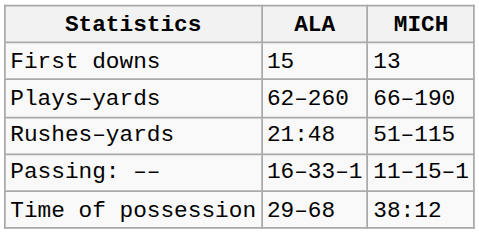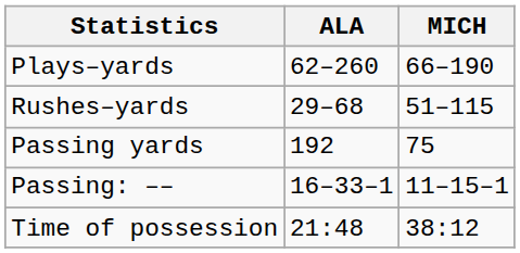 <table class="wikitable" style="float: left;">
 <tr>
 <th>Statistics</th>
 <th>ALA</th>
 <th>MICH</th>
-</tr>
-<tr>
-<td>First downs</td>
-<td>15</td>
-<td>13</td>
 </tr>
 <tr>
 <td>Plays–yards</td>
 <td>62–260</td>
 <td>66–190</td>
 </tr>
 <tr>
 <td>Rushes–yards</td>
-<td>21:48</td>
+<td>29–68</td>
 <td>51–115</td>
+</tr>
+<tr>
+<td>Passing yards</td>
+<td>192</td>
+<td>75</td>
 </tr>
 <tr>
 <td>Passing: ––</td>
 <td>16–33–1</td>
 <td>11–15–1</td>
 </tr>
 <tr>
 <td>Time of possession</td>
-<td>29–68</td>
+<td>21:48</td>
 <td>38:12</td>
 </tr>
 </table>
